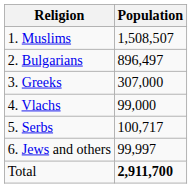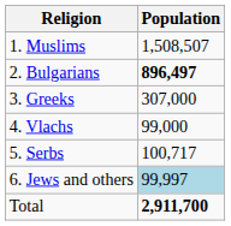 <table class="wikitable">
 <tr>
 <th>Religion</th>
 <th>Population</th>
 </tr>
 <tr>
 <td>1. <a href='#'>Muslims</a></td>
 <td>1,508,507</td>
 </tr>
 <tr>
 <td>2. <a href='#'>Bulgarians</a></td>
-<td>896,497</td>
+<td><strong>896,497</strong></td>
 </tr>
 <tr>
 <td>3. <a href='#'>Greeks</a></td>
 <td>307,000</td>
 </tr>
 <tr>
 <td>4. <a href='#'>Vlachs</a></td>
 <td>99,000</td>
 </tr>
 <tr>
 <td>5. <a href='#'>Serbs</a></td>
 <td>100,717</td>
 </tr>
 <tr>
 <td>6. <a href='#'>Jews</a> and others</td>
-<td>99,997</td>
+<td style="background: lightblue;">99,997</td>
 </tr>
 <tr>
 <td>Total</td>
 <td><strong>2,911,700</strong></td>
 </tr>
 </table>
